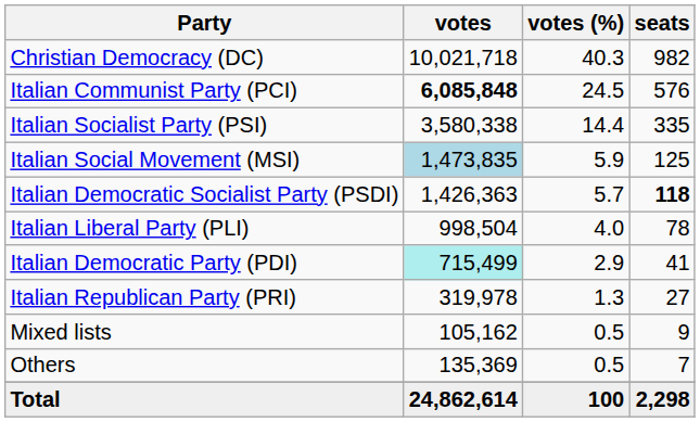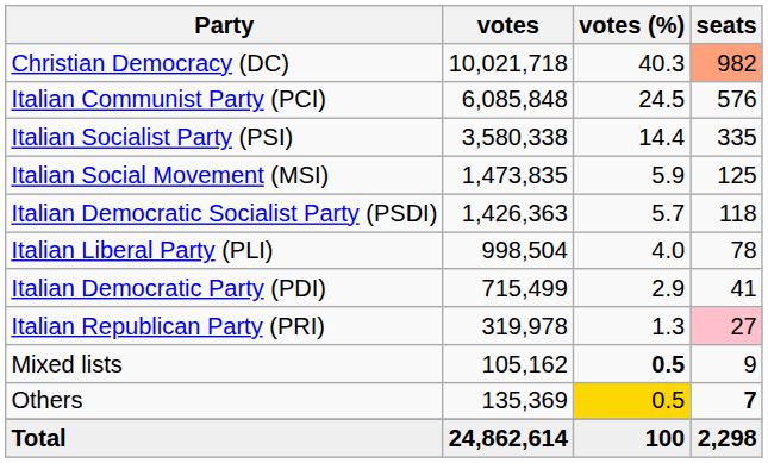 <table class="wikitable" style="font-size: 90%;">
 <tr bgcolor="EFEFEF">
 <th>Party</th>
 <th>votes</th>
 <th>votes (%)</th>
 <th>seats</th>
 </tr>
 <tr>
 <td><a href='#'>Christian Democracy</a> (DC)</td>
 <td align=right>10,021,718</td>
 <td align=right>40.3</td>
-<td align=right>982</td>
+<td align=right style="background: lightsalmon;">982</td>
 </tr>
 <tr>
 <td><a href='#'>Italian Communist Party</a> (PCI)</td>
-<td align=right><strong>6,085,848</strong></td>
+<td align=right>6,085,848</td>
 <td align=right>24.5</td>
 <td align=right>576</td>
 </tr>
 <tr>
 <td><a href='#'>Italian Socialist Party</a> (PSI)</td>
 <td align=right>3,580,338</td>
 <td align=right>14.4</td>
 <td align=right>335</td>
 </tr>
 <tr>
 <td><a href='#'>Italian Social Movement</a> (MSI)</td>
-<td align=right style="background: lightblue;">1,473,835</td>
+<td align=right>1,473,835</td>
 <td align=right>5.9</td>
 <td align=right>125</td>
 </tr>
 <tr>
 <td><a href='#'>Italian Democratic Socialist Party</a> (PSDI)</td>
 <td align=right>1,426,363</td>
 <td align=right>5.7</td>
-<td align=right><strong>118</strong></td>
+<td align=right>118</td>
 </tr>
 <tr>
 <td><a href='#'>Italian Liberal Party</a> (PLI)</td>
 <td align=right>998,504</td>
 <td align=right>4.0</td>
 <td align=right>78</td>
 </tr>
 <tr>
 <td><a href='#'>Italian Democratic Party</a> (PDI)</td>
-<td align=right style="background: paleturquoise;">715,499</td>
+<td align=right>715,499</td>
 <td align=right>2.9</td>
 <td align=right>41</td>
 </tr>
 <tr>
 <td><a href='#'>Italian Republican Party</a> (PRI)</td>
 <td align=right>319,978</td>
 <td align=right>1.3</td>
-<td align=right>27</td>
+<td align=right style="background: pink;">27</td>
 </tr>
 <tr>
 <td>Mixed lists</td>
 <td align=right>105,162</td>
-<td align=right>0.5</td>
+<td align=right><strong>0.5</strong></td>
 <td align=right>9</td>
 </tr>
 <tr>
 <td>Others</td>
 <td align=right>135,369</td>
-<td align=right>0.5</td>
-<td align=right>7</td>
+<td align=right style="background: gold;">0.5</td>
+<td align=right><strong>7</strong></td>
 </tr>
 <tr>
 </tr>
 <tr bgcolor="EFEFEF">
 <td align=left><strong>Total</strong></td>
 <td align=right><strong>24,862,614</strong></td>
 <td align=right><strong>100</strong></td>
 <td align=right><strong>2,298</strong></td>
 </tr>
 </table>
